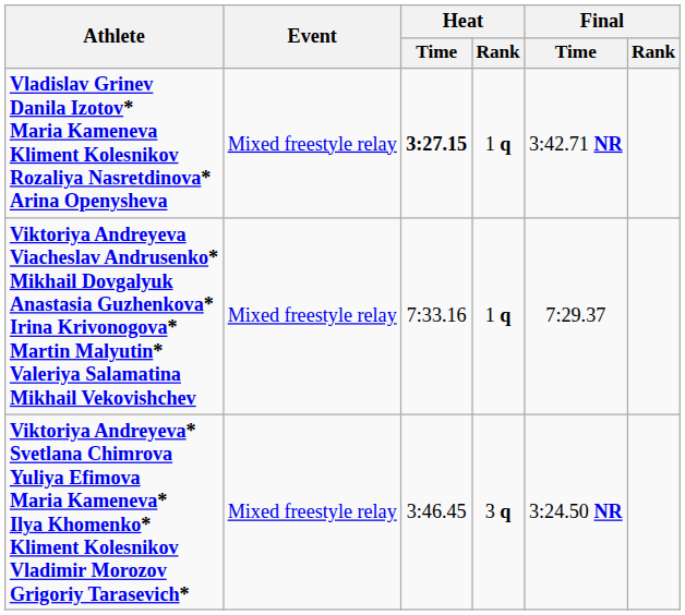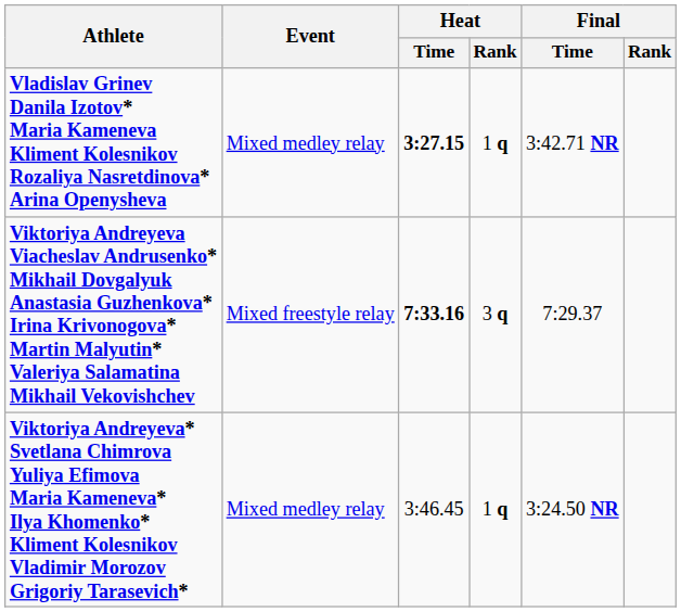 <table class=wikitable style="font-size:90%">
 <tr>
 <th rowspan="2">Athlete</th>
 <th rowspan="2">Event</th>
 <th colspan="2">Heat</th>
 <th colspan="2">Final</th>
 </tr>
 <tr style="font-size:95%">
 <th>Time</th>
 <th>Rank</th>
 <th>Time</th>
 <th>Rank</th>
 </tr>
 <tr align=center>
 <td align=left><strong><a href='#'>Vladislav Grinev</a><br><a href='#'>Danila Izotov</a>*<br><a href='#'>Maria Kameneva</a><br><a href='#'>Kliment Kolesnikov</a><br><a href='#'>Rozaliya Nasretdinova</a>*<br><a href='#'>Arina Openysheva</a></strong></td>
-<td align=left><a href='#'>Mixed  freestyle relay</a></td>
+<td align=left><a href='#'>Mixed  medley relay</a></td>
 <td><strong>3:27.15</strong></td>
 <td>1 <strong>q</strong></td>
 <td>3:42.71 <strong><a href='#'>NR</a></strong></td>
 <td></td>
 </tr>
 <tr align=center>
 <td align=left><strong><a href='#'>Viktoriya Andreyeva</a><br><a href='#'>Viacheslav Andrusenko</a>*<br><a href='#'>Mikhail Dovgalyuk</a><br><a href='#'>Anastasia Guzhenkova</a>*<br><a href='#'>Irina Krivonogova</a>*<br><a href='#'>Martin Malyutin</a>*<br><a href='#'>Valeriya Salamatina</a><br><a href='#'>Mikhail Vekovishchev</a></strong></td>
 <td align=left><a href='#'>Mixed  freestyle relay</a></td>
-<td>7:33.16</td>
-<td>1 <strong>q</strong></td>
+<td><strong>7:33.16</strong></td>
+<td>3 <strong>q</strong></td>
 <td>7:29.37</td>
 <td></td>
 </tr>
 <tr align=center>
 <td align=left><strong><a href='#'>Viktoriya Andreyeva</a>*<br><a href='#'>Svetlana Chimrova</a><br><a href='#'>Yuliya Efimova</a><br><a href='#'>Maria Kameneva</a>*<br><a href='#'>Ilya Khomenko</a>*<br><a href='#'>Kliment Kolesnikov</a><br><a href='#'>Vladimir Morozov</a><br><a href='#'>Grigoriy Tarasevich</a>*</strong></td>
-<td align=left><a href='#'>Mixed  freestyle relay</a></td>
+<td align=left><a href='#'>Mixed  medley relay</a></td>
 <td>3:46.45</td>
-<td>3 <strong>q</strong></td>
+<td>1 <strong>q</strong></td>
 <td>3:24.50 <strong><a href='#'>NR</a></strong></td>
 <td></td>
 </tr>
 </table>
